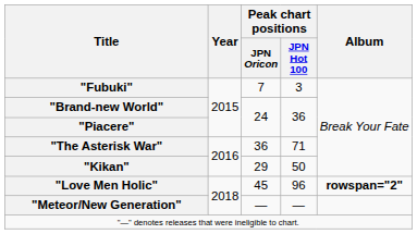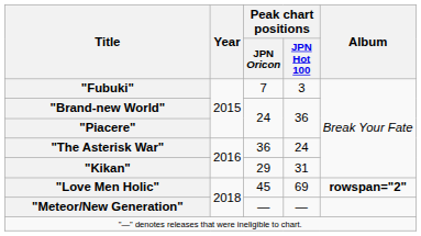 <table class="wikitable plainrowheaders" style="text-align:center;">
 <tr>
 <th scope="col" rowspan="2" style="width:16em;">Title</th>
 <th scope="col" rowspan="2">Year</th>
 <th scope="col" colspan="2">Peak chart positions<br></th>
 <th scope="col" rowspan="2">Album</th>
 </tr>
 <tr>
 <th style="width:3em;font-size:85%">JPN <em>Oricon</em><br></th>
 <th style="width:3em;font-size:85%"><a href='#'>JPN Hot 100</a></th>
 </tr>
 <tr>
 <th scope="row">"Fubuki"</th>
 <td rowspan="3">2015</td>
 <td>7</td>
 <td>3</td>
 <td rowspan="5"><em>Break Your Fate</em></td>
 </tr>
 <tr>
 <th scope="row">"Brand-new World"</th>
 <td rowspan="2">24</td>
 <td rowspan="2">36</td>
 </tr>
 <tr>
 <th scope="row">"Piacere"</th>
 </tr>
 <tr>
 <th scope="row">"The Asterisk War"</th>
 <td rowspan="2">2016</td>
 <td>36</td>
-<td>71</td>
+<td>24</td>
 </tr>
 <tr>
 <th scope="row">"Kikan"</th>
 <td>29</td>
-<td>50</td>
+<td>31</td>
 </tr>
 <tr>
 <th scope="row">"Love Men Holic"</th>
 <td rowspan="2">2018</td>
 <td>45</td>
-<td>96</td>
+<td>69</td>
 <td><strong>rowspan="2" <em></em></strong></td>
 </tr>
 <tr>
 <th scope="row">"Meteor/New Generation"</th>
 <td>—</td>
 <td>—</td>
 </tr>
 <tr>
 <td align="center" colspan="13" style="font-size: 8pt">"—" denotes releases that were ineligible to chart.</td>
 </tr>
 </table>
